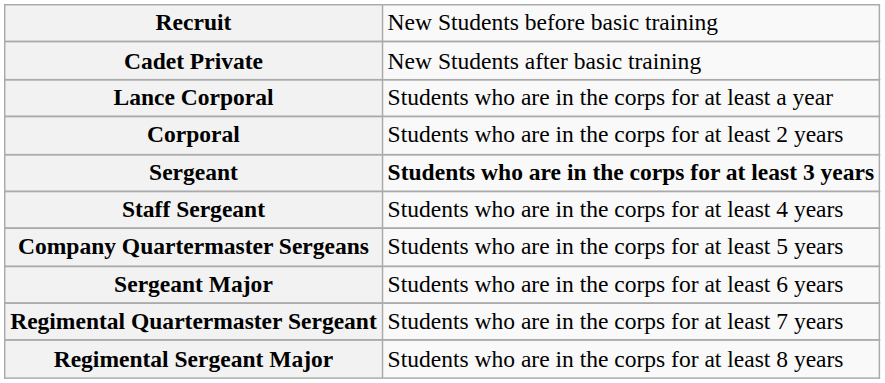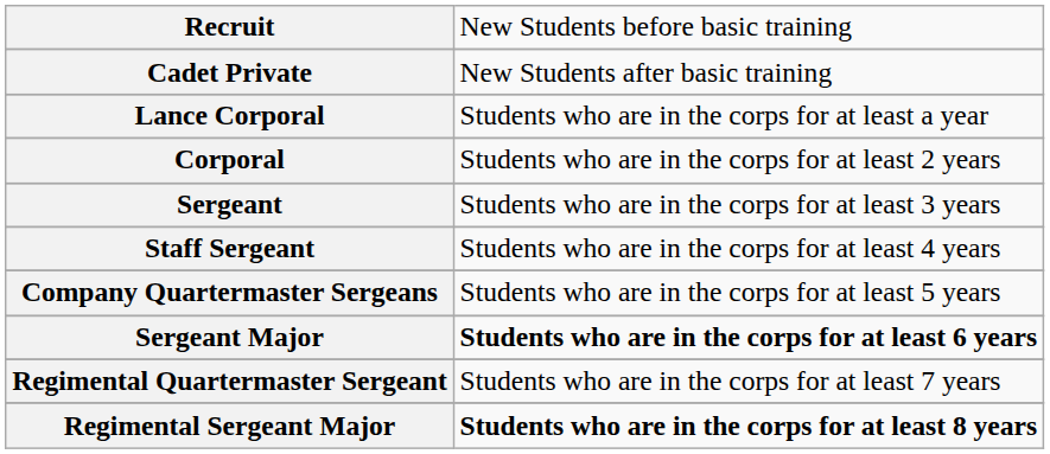 <table class="wikitable" border="1">
 <tr>
 <th>Recruit</th>
 <td>New Students before basic training</td>
 </tr>
 <tr>
 </tr>
 <tr>
 <th>Cadet Private</th>
 <td>New Students after basic training</td>
 </tr>
 <tr>
 </tr>
 <tr>
 <th>Lance Corporal</th>
 <td>Students who are in the corps for at least a year</td>
 </tr>
 <tr>
 </tr>
 <tr>
 <th>Corporal</th>
 <td>Students who are in the corps for at least 2 years</td>
 </tr>
 <tr>
 </tr>
 <tr>
 <th>Sergeant</th>
-<td><strong>Students who are in the corps for at least 3 years</strong></td>
+<td>Students who are in the corps for at least 3 years</td>
 </tr>
 <tr>
 </tr>
 <tr>
 <th>Staff Sergeant</th>
 <td>Students who are in the corps for at least 4 years</td>
 </tr>
 <tr>
 </tr>
 <tr>
 <th>Company Quartermaster Sergeans</th>
 <td>Students who are in the corps for at least 5 years</td>
 </tr>
 <tr>
 </tr>
 <tr>
 <th>Sergeant Major</th>
-<td>Students who are in the corps for at least 6 years</td>
+<td><strong>Students who are in the corps for at least 6 years</strong></td>
 </tr>
 <tr>
 </tr>
 <tr>
 <th>Regimental Quartermaster Sergeant</th>
 <td>Students who are in the corps for at least 7 years</td>
 </tr>
 <tr>
 </tr>
 <tr>
 <th>Regimental Sergeant Major</th>
-<td>Students who are in the corps for at least 8 years</td>
+<td><strong>Students who are in the corps for at least 8 years</strong></td>
 </tr>
 </table>
